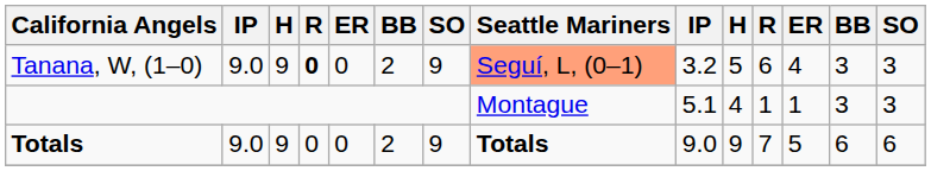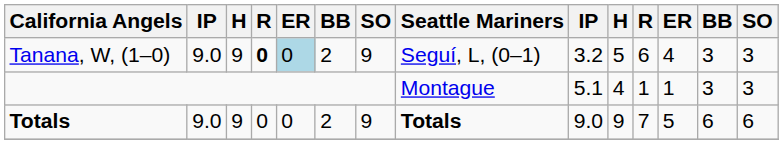 <table class="wikitable">
 <tr>
 <th><strong>California Angels</strong></th>
 <th>IP</th>
 <th>H</th>
 <th>R</th>
 <th>ER</th>
 <th>BB</th>
 <th>SO</th>
 <th><strong>Seattle Mariners</strong></th>
 <th>IP</th>
 <th>H</th>
 <th>R</th>
 <th>ER</th>
 <th>BB</th>
 <th>SO</th>
 </tr>
 <tr>
 <td><a href='#'>Tanana</a>, W, (1–0)</td>
 <td>9.0</td>
 <td>9</td>
 <td><strong>0</strong></td>
-<td>0</td>
+<td style="background: lightblue;">0</td>
 <td>2</td>
 <td>9</td>
-<td style="background: lightsalmon;"><a href='#'>Seguí</a>, L, (0–1)</td>
+<td><a href='#'>Seguí</a>, L, (0–1)</td>
 <td>3.2</td>
 <td>5</td>
 <td>6</td>
 <td>4</td>
 <td>3</td>
 <td>3</td>
 </tr>
 <tr>
 <td colspan="7"></td>
 <td><a href='#'>Montague</a></td>
 <td>5.1</td>
 <td>4</td>
 <td>1</td>
 <td>1</td>
 <td>3</td>
 <td>3</td>
 </tr>
 <tr>
 <td><strong>Totals</strong></td>
 <td>9.0</td>
 <td>9</td>
 <td>0</td>
 <td>0</td>
 <td>2</td>
 <td>9</td>
 <td><strong>Totals</strong></td>
 <td>9.0</td>
 <td>9</td>
 <td>7</td>
 <td>5</td>
 <td>6</td>
 <td>6</td>
 </tr>
 <tr>
 </tr>
 </table>
